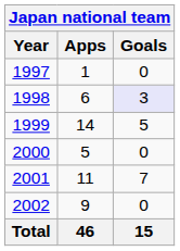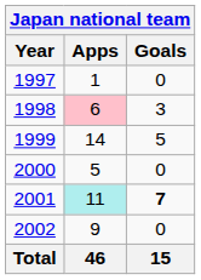 <table class="wikitable" style="text-align:center">
 <tr>
 <th colspan=3><a href='#'>Japan national team</a></th>
 </tr>
 <tr>
 <th>Year</th>
 <th>Apps</th>
 <th>Goals</th>
 </tr>
 <tr>
 <td><a href='#'>1997</a></td>
 <td>1</td>
 <td>0</td>
 </tr>
 <tr>
 <td><a href='#'>1998</a></td>
-<td>6</td>
-<td style="background: lavender;">3</td>
+<td style="background: pink;">6</td>
+<td>3</td>
 </tr>
 <tr>
 <td><a href='#'>1999</a></td>
 <td>14</td>
 <td>5</td>
 </tr>
 <tr>
 <td><a href='#'>2000</a></td>
 <td>5</td>
 <td>0</td>
 </tr>
 <tr>
 <td><a href='#'>2001</a></td>
-<td>11</td>
-<td>7</td>
+<td style="background: paleturquoise;">11</td>
+<td><strong>7</strong></td>
 </tr>
 <tr>
 <td><a href='#'>2002</a></td>
 <td>9</td>
 <td>0</td>
 </tr>
 <tr>
 <th>Total</th>
 <th>46</th>
 <th>15</th>
 </tr>
 </table>
